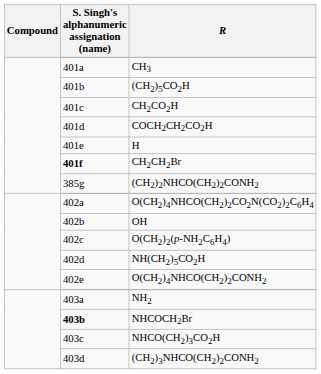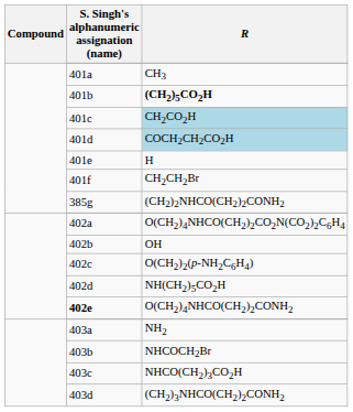 <table class="wikitable sortable">
 <tr>
 <th>Compound</th>
 <th>S. Singh's<br>alphanumeric<br>assignation<br>(name)</th>
 <th><em>R</em></th>
 </tr>
 <tr>
 <td rowspan=8></td>
 </tr>
 <tr>
 <td>401a</td>
 <td>CH<sub>3</sub></td>
 </tr>
 <tr>
 <td>401b</td>
-<td>(CH<sub>2</sub>)<sub>5</sub>CO<sub>2</sub>H</td>
+<td><strong>(CH<sub>2</sub>)<sub>5</sub>CO<sub>2</sub>H</strong></td>
 </tr>
 <tr>
 <td>401c</td>
-<td>CH<sub>2</sub>CO<sub>2</sub>H</td>
+<td style="background: lightblue;">CH<sub>2</sub>CO<sub>2</sub>H</td>
 </tr>
 <tr>
 <td>401d</td>
-<td>COCH<sub>2</sub>CH<sub>2</sub>CO<sub>2</sub>H</td>
+<td style="background: lightblue;">COCH<sub>2</sub>CH<sub>2</sub>CO<sub>2</sub>H</td>
 </tr>
 <tr>
 <td>401e</td>
 <td>H</td>
 </tr>
 <tr>
-<td><strong>401f</strong></td>
+<td>401f</td>
 <td>CH<sub>2</sub>CH<sub>2</sub>Br</td>
 </tr>
 <tr>
 <td>385g</td>
 <td>(CH<sub>2</sub>)<sub>2</sub>NHCO(CH<sub>2</sub>)<sub>2</sub>CONH<sub>2</sub></td>
 </tr>
 <tr>
 <td rowspan=6></td>
 </tr>
 <tr>
 <td>402a</td>
 <td>O(CH<sub>2</sub>)<sub>4</sub>NHCO(CH<sub>2</sub>)<sub>2</sub>CO<sub>2</sub>N(CO<sub>2</sub>)<sub>2</sub>C<sub>6</sub>H<sub>4</sub></td>
 </tr>
 <tr>
 <td>402b</td>
 <td>OH</td>
 </tr>
 <tr>
 <td>402c</td>
 <td>O(CH<sub>2</sub>)<sub>2</sub>(<em>p</em>-NH<sub>2</sub>C<sub>6</sub>H<sub>4</sub>)</td>
 </tr>
 <tr>
 <td>402d</td>
 <td>NH(CH<sub>2</sub>)<sub>5</sub>CO<sub>2</sub>H</td>
 </tr>
 <tr>
-<td>402e</td>
+<td><strong>402e</strong></td>
 <td>O(CH<sub>2</sub>)<sub>4</sub>NHCO(CH<sub>2</sub>)<sub>2</sub>CONH<sub>2</sub></td>
 </tr>
 <tr>
 <td rowspan=5></td>
 </tr>
 <tr>
 <td>403a</td>
 <td>NH<sub>2</sub></td>
 </tr>
 <tr>
-<td><strong>403b</strong></td>
+<td>403b</td>
 <td>NHCOCH<sub>2</sub>Br</td>
 </tr>
 <tr>
 <td>403c</td>
 <td>NHCO(CH<sub>2</sub>)<sub>3</sub>CO<sub>2</sub>H</td>
 </tr>
 <tr>
 <td>403d</td>
 <td>(CH<sub>2</sub>)<sub>3</sub>NHCO(CH<sub>2</sub>)<sub>2</sub>CONH<sub>2</sub></td>
 </tr>
 </table>
